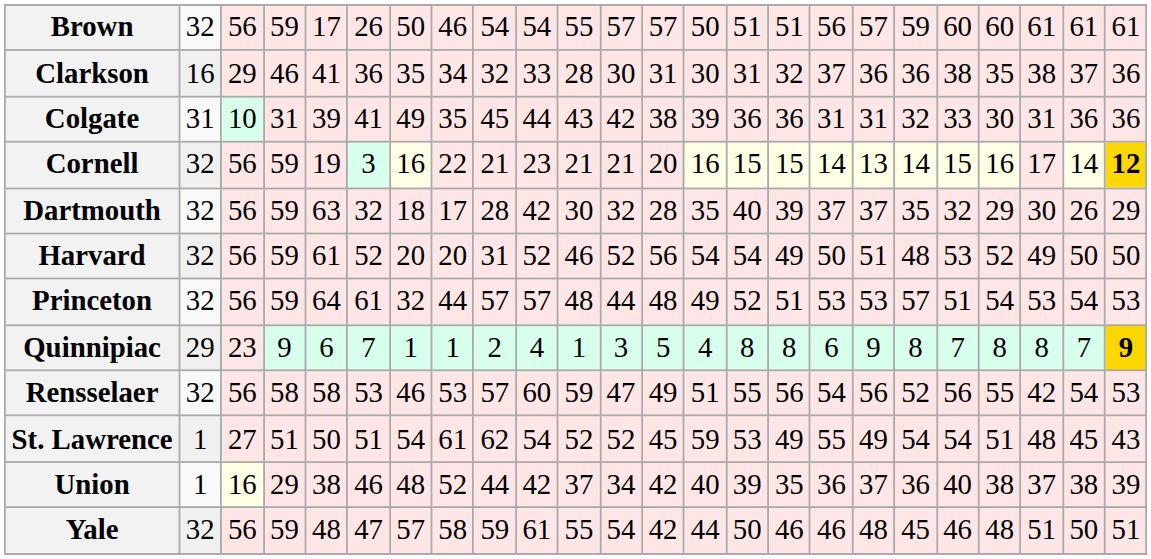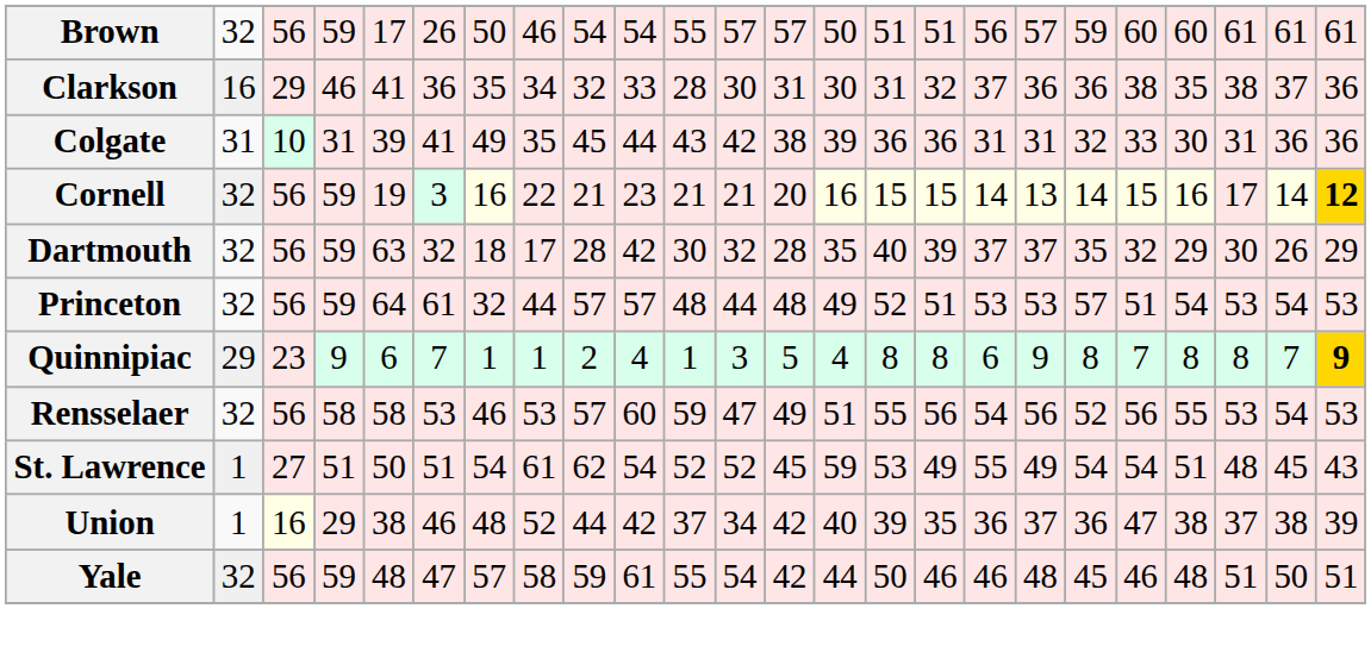 <table class="wikitable sortable" style="text-align: center;">
 <tr>
 </tr>
 <tr>
 <th>Brown</th>
 <td>32</td>
 <td bgcolor=FFE6E6>56</td>
 <td bgcolor=FFE6E6>59</td>
 <td bgcolor=FFE6E6>17</td>
 <td bgcolor=FFE6E6>26</td>
 <td bgcolor=FFE6E6>50</td>
 <td bgcolor=FFE6E6>46</td>
 <td bgcolor=FFE6E6>54</td>
 <td bgcolor=FFE6E6>54</td>
 <td bgcolor=FFE6E6>55</td>
 <td bgcolor=FFE6E6>57</td>
 <td bgcolor=FFE6E6>57</td>
 <td bgcolor=FFE6E6>50</td>
 <td bgcolor=FFE6E6>51</td>
 <td bgcolor=FFE6E6>51</td>
 <td bgcolor=FFE6E6>56</td>
 <td bgcolor=FFE6E6>57</td>
 <td bgcolor=FFE6E6>59</td>
 <td bgcolor=FFE6E6>60</td>
 <td bgcolor=FFE6E6>60</td>
 <td bgcolor=FFE6E6>61</td>
 <td bgcolor=FFE6E6>61</td>
 <td bgcolor=FFE6E6>61</td>
 </tr>
 <tr bgcolor=f0f0f0>
 <th>Clarkson</th>
 <td>16</td>
 <td bgcolor=FFE6E6>29</td>
 <td bgcolor=FFE6E6>46</td>
 <td bgcolor=FFE6E6>41</td>
 <td bgcolor=FFE6E6>36</td>
 <td bgcolor=FFE6E6>35</td>
 <td bgcolor=FFE6E6>34</td>
 <td bgcolor=FFE6E6>32</td>
 <td bgcolor=FFE6E6>33</td>
 <td bgcolor=FFE6E6>28</td>
 <td bgcolor=FFE6E6>30</td>
 <td bgcolor=FFE6E6>31</td>
 <td bgcolor=FFE6E6>30</td>
 <td bgcolor=FFE6E6>31</td>
 <td bgcolor=FFE6E6>32</td>
 <td bgcolor=FFE6E6>37</td>
 <td bgcolor=FFE6E6>36</td>
 <td bgcolor=FFE6E6>36</td>
 <td bgcolor=FFE6E6>38</td>
 <td bgcolor=FFE6E6>35</td>
 <td bgcolor=FFE6E6>38</td>
 <td bgcolor=FFE6E6>37</td>
 <td bgcolor=FFE6E6>36</td>
 </tr>
 <tr>
 <th>Colgate</th>
 <td>31</td>
 <td bgcolor=D8FFEB>10</td>
 <td bgcolor=FFE6E6>31</td>
 <td bgcolor=FFE6E6>39</td>
 <td bgcolor=FFE6E6>41</td>
 <td bgcolor=FFE6E6>49</td>
 <td bgcolor=FFE6E6>35</td>
 <td bgcolor=FFE6E6>45</td>
 <td bgcolor=FFE6E6>44</td>
 <td bgcolor=FFE6E6>43</td>
 <td bgcolor=FFE6E6>42</td>
 <td bgcolor=FFE6E6>38</td>
 <td bgcolor=FFE6E6>39</td>
 <td bgcolor=FFE6E6>36</td>
 <td bgcolor=FFE6E6>36</td>
 <td bgcolor=FFE6E6>31</td>
 <td bgcolor=FFE6E6>31</td>
 <td bgcolor=FFE6E6>32</td>
 <td bgcolor=FFE6E6>33</td>
 <td bgcolor=FFE6E6>30</td>
 <td bgcolor=FFE6E6>31</td>
 <td bgcolor=FFE6E6>36</td>
 <td bgcolor=FFE6E6>36</td>
 </tr>
 <tr bgcolor=f0f0f0>
 <th>Cornell</th>
 <td>32</td>
 <td bgcolor=FFE6E6>56</td>
 <td bgcolor=FFE6E6>59</td>
 <td bgcolor=FFE6E6>19</td>
 <td bgcolor=D8FFEB>3</td>
 <td bgcolor=FFFFE6>16</td>
 <td bgcolor=FFE6E6>22</td>
 <td bgcolor=FFE6E6>21</td>
 <td bgcolor=FFE6E6>23</td>
 <td bgcolor=FFE6E6>21</td>
 <td bgcolor=FFE6E6>21</td>
 <td bgcolor=FFE6E6>20</td>
 <td bgcolor=FFFFE6>16</td>
 <td bgcolor=FFFFE6>15</td>
 <td bgcolor=FFFFE6>15</td>
 <td bgcolor=FFFFE6>14</td>
 <td bgcolor=FFFFE6>13</td>
 <td bgcolor=FFFFE6>14</td>
 <td bgcolor=FFFFE6>15</td>
 <td bgcolor=FFFFE6>16</td>
 <td bgcolor=FFE6E6>17</td>
 <td bgcolor=FFFFE6>14</td>
 <td bgcolor=gold><strong>12</strong></td>
 </tr>
 <tr>
 <th>Dartmouth</th>
 <td>32</td>
 <td bgcolor=FFE6E6>56</td>
 <td bgcolor=FFE6E6>59</td>
 <td bgcolor=FFE6E6>63</td>
 <td bgcolor=FFE6E6>32</td>
 <td bgcolor=FFE6E6>18</td>
 <td bgcolor=FFE6E6>17</td>
 <td bgcolor=FFE6E6>28</td>
 <td bgcolor=FFE6E6>42</td>
 <td bgcolor=FFE6E6>30</td>
 <td bgcolor=FFE6E6>32</td>
 <td bgcolor=FFE6E6>28</td>
 <td bgcolor=FFE6E6>35</td>
 <td bgcolor=FFE6E6>40</td>
 <td bgcolor=FFE6E6>39</td>
 <td bgcolor=FFE6E6>37</td>
 <td bgcolor=FFE6E6>37</td>
 <td bgcolor=FFE6E6>35</td>
 <td bgcolor=FFE6E6>32</td>
 <td bgcolor=FFE6E6>29</td>
 <td bgcolor=FFE6E6>30</td>
 <td bgcolor=FFE6E6>26</td>
 <td bgcolor=FFE6E6>29</td>
 </tr>
-<tr bgcolor=f0f0f0>
-<th>Harvard</th>
-<td>32</td>
-<td bgcolor=FFE6E6>56</td>
-<td bgcolor=FFE6E6>59</td>
-<td bgcolor=FFE6E6>61</td>
-<td bgcolor=FFE6E6>52</td>
-<td bgcolor=FFE6E6>20</td>
-<td bgcolor=FFE6E6>20</td>
-<td bgcolor=FFE6E6>31</td>
-<td bgcolor=FFE6E6>52</td>
-<td bgcolor=FFE6E6>46</td>
-<td bgcolor=FFE6E6>52</td>
-<td bgcolor=FFE6E6>56</td>
-<td bgcolor=FFE6E6>54</td>
-<td bgcolor=FFE6E6>54</td>
-<td bgcolor=FFE6E6>49</td>
-<td bgcolor=FFE6E6>50</td>
-<td bgcolor=FFE6E6>51</td>
-<td bgcolor=FFE6E6>48</td>
-<td bgcolor=FFE6E6>53</td>
-<td bgcolor=FFE6E6>52</td>
-<td bgcolor=FFE6E6>49</td>
-<td bgcolor=FFE6E6>50</td>
-<td bgcolor=FFE6E6>50</td>
-</tr>
 <tr>
 <th>Princeton</th>
 <td>32</td>
 <td bgcolor=FFE6E6>56</td>
 <td bgcolor=FFE6E6>59</td>
 <td bgcolor=FFE6E6>64</td>
 <td bgcolor=FFE6E6>61</td>
 <td bgcolor=FFE6E6>32</td>
 <td bgcolor=FFE6E6>44</td>
 <td bgcolor=FFE6E6>57</td>
 <td bgcolor=FFE6E6>57</td>
 <td bgcolor=FFE6E6>48</td>
 <td bgcolor=FFE6E6>44</td>
 <td bgcolor=FFE6E6>48</td>
 <td bgcolor=FFE6E6>49</td>
 <td bgcolor=FFE6E6>52</td>
 <td bgcolor=FFE6E6>51</td>
 <td bgcolor=FFE6E6>53</td>
 <td bgcolor=FFE6E6>53</td>
 <td bgcolor=FFE6E6>57</td>
 <td bgcolor=FFE6E6>51</td>
 <td bgcolor=FFE6E6>54</td>
 <td bgcolor=FFE6E6>53</td>
 <td bgcolor=FFE6E6>54</td>
 <td bgcolor=FFE6E6>53</td>
 </tr>
 <tr bgcolor=f0f0f0>
 <th>Quinnipiac</th>
 <td>29</td>
 <td bgcolor=FFE6E6>23</td>
 <td bgcolor=D8FFEB>9</td>
 <td bgcolor=D8FFEB>6</td>
 <td bgcolor=D8FFEB>7</td>
 <td bgcolor=D8FFEB>1</td>
 <td bgcolor=D8FFEB>1</td>
 <td bgcolor=D8FFEB>2</td>
 <td bgcolor=D8FFEB>4</td>
 <td bgcolor=D8FFEB>1</td>
 <td bgcolor=D8FFEB>3</td>
 <td bgcolor=D8FFEB>5</td>
 <td bgcolor=D8FFEB>4</td>
 <td bgcolor=D8FFEB>8</td>
 <td bgcolor=D8FFEB>8</td>
 <td bgcolor=D8FFEB>6</td>
 <td bgcolor=D8FFEB>9</td>
 <td bgcolor=D8FFEB>8</td>
 <td bgcolor=D8FFEB>7</td>
 <td bgcolor=D8FFEB>8</td>
 <td bgcolor=D8FFEB>8</td>
 <td bgcolor=D8FFEB>7</td>
 <td bgcolor=gold><strong>9</strong></td>
 </tr>
 <tr>
 <th>Rensselaer</th>
 <td>32</td>
 <td bgcolor=FFE6E6>56</td>
 <td bgcolor=FFE6E6>58</td>
 <td bgcolor=FFE6E6>58</td>
 <td bgcolor=FFE6E6>53</td>
 <td bgcolor=FFE6E6>46</td>
 <td bgcolor=FFE6E6>53</td>
 <td bgcolor=FFE6E6>57</td>
 <td bgcolor=FFE6E6>60</td>
 <td bgcolor=FFE6E6>59</td>
 <td bgcolor=FFE6E6>47</td>
 <td bgcolor=FFE6E6>49</td>
 <td bgcolor=FFE6E6>51</td>
 <td bgcolor=FFE6E6>55</td>
 <td bgcolor=FFE6E6>56</td>
 <td bgcolor=FFE6E6>54</td>
 <td bgcolor=FFE6E6>56</td>
 <td bgcolor=FFE6E6>52</td>
 <td bgcolor=FFE6E6>56</td>
 <td bgcolor=FFE6E6>55</td>
-<td bgcolor=FFE6E6>42</td>
+<td bgcolor=FFE6E6>53</td>
 <td bgcolor=FFE6E6>54</td>
 <td bgcolor=FFE6E6>53</td>
 </tr>
 <tr bgcolor=f0f0f0>
 <th>St. Lawrence</th>
 <td>1</td>
 <td bgcolor=FFE6E6>27</td>
 <td bgcolor=FFE6E6>51</td>
 <td bgcolor=FFE6E6>50</td>
 <td bgcolor=FFE6E6>51</td>
 <td bgcolor=FFE6E6>54</td>
 <td bgcolor=FFE6E6>61</td>
 <td bgcolor=FFE6E6>62</td>
 <td bgcolor=FFE6E6>54</td>
 <td bgcolor=FFE6E6>52</td>
 <td bgcolor=FFE6E6>52</td>
 <td bgcolor=FFE6E6>45</td>
 <td bgcolor=FFE6E6>59</td>
 <td bgcolor=FFE6E6>53</td>
 <td bgcolor=FFE6E6>49</td>
 <td bgcolor=FFE6E6>55</td>
 <td bgcolor=FFE6E6>49</td>
 <td bgcolor=FFE6E6>54</td>
 <td bgcolor=FFE6E6>54</td>
 <td bgcolor=FFE6E6>51</td>
 <td bgcolor=FFE6E6>48</td>
 <td bgcolor=FFE6E6>45</td>
 <td bgcolor=FFE6E6>43</td>
 </tr>
 <tr>
 <th>Union</th>
 <td>1</td>
 <td bgcolor=FFFFE6>16</td>
 <td bgcolor=FFE6E6>29</td>
 <td bgcolor=FFE6E6>38</td>
 <td bgcolor=FFE6E6>46</td>
 <td bgcolor=FFE6E6>48</td>
 <td bgcolor=FFE6E6>52</td>
 <td bgcolor=FFE6E6>44</td>
 <td bgcolor=FFE6E6>42</td>
 <td bgcolor=FFE6E6>37</td>
 <td bgcolor=FFE6E6>34</td>
 <td bgcolor=FFE6E6>42</td>
 <td bgcolor=FFE6E6>40</td>
 <td bgcolor=FFE6E6>39</td>
 <td bgcolor=FFE6E6>35</td>
 <td bgcolor=FFE6E6>36</td>
 <td bgcolor=FFE6E6>37</td>
 <td bgcolor=FFE6E6>36</td>
-<td bgcolor=FFE6E6>40</td>
+<td bgcolor=FFE6E6>47</td>
 <td bgcolor=FFE6E6>38</td>
 <td bgcolor=FFE6E6>37</td>
 <td bgcolor=FFE6E6>38</td>
 <td bgcolor=FFE6E6>39</td>
 </tr>
 <tr bgcolor=f0f0f0>
 <th>Yale</th>
 <td>32</td>
 <td bgcolor=FFE6E6>56</td>
 <td bgcolor=FFE6E6>59</td>
 <td bgcolor=FFE6E6>48</td>
 <td bgcolor=FFE6E6>47</td>
 <td bgcolor=FFE6E6>57</td>
 <td bgcolor=FFE6E6>58</td>
 <td bgcolor=FFE6E6>59</td>
 <td bgcolor=FFE6E6>61</td>
 <td bgcolor=FFE6E6>55</td>
 <td bgcolor=FFE6E6>54</td>
 <td bgcolor=FFE6E6>42</td>
 <td bgcolor=FFE6E6>44</td>
 <td bgcolor=FFE6E6>50</td>
 <td bgcolor=FFE6E6>46</td>
 <td bgcolor=FFE6E6>46</td>
 <td bgcolor=FFE6E6>48</td>
 <td bgcolor=FFE6E6>45</td>
 <td bgcolor=FFE6E6>46</td>
 <td bgcolor=FFE6E6>48</td>
 <td bgcolor=FFE6E6>51</td>
 <td bgcolor=FFE6E6>50</td>
 <td bgcolor=FFE6E6>51</td>
 </tr>
 <tr>
 </tr>
 </table>
